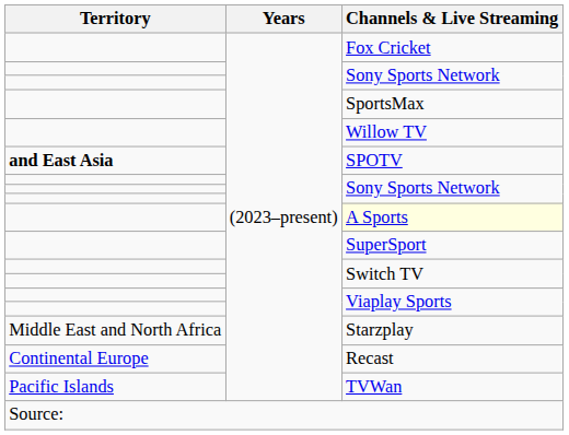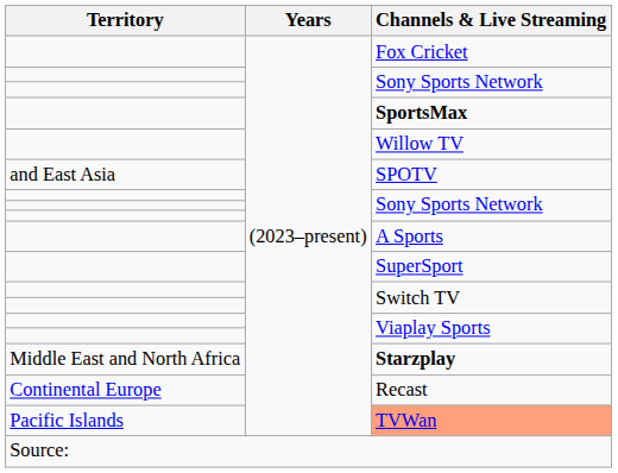 <table class="wikitable">
 <tr>
 <th scope="col">Territory</th>
 <th scope="col">Years</th>
 <th scope="col">Channels & Live Streaming</th>
 </tr>
 <tr>
 <td></td>
 <td rowspan="18">(2023–present)</td>
 <td><a href='#'>Fox Cricket</a></td>
 </tr>
 <tr>
 <td></td>
 <td rowspan="2"><a href='#'>Sony Sports Network</a></td>
 </tr>
 <tr>
 <td></td>
 </tr>
 <tr>
 <td></td>
-<td>SportsMax</td>
+<td><strong>SportsMax</strong></td>
 </tr>
 <tr>
 <td></td>
 <td><a href='#'>Willow TV</a></td>
 </tr>
 <tr>
-<td><strong> and East Asia</strong></td>
+<td> and East Asia</td>
 <td><a href='#'>SPOTV</a></td>
 </tr>
 <tr>
 <td></td>
 <td rowspan="3"><a href='#'>Sony Sports Network</a></td>
 </tr>
 <tr>
 <td></td>
 </tr>
 <tr>
 <td></td>
 </tr>
 <tr>
 <td></td>
-<td style="background: lightyellow;"><a href='#'>A Sports</a></td>
+<td><a href='#'>A Sports</a></td>
 </tr>
 <tr>
 <td></td>
 <td><a href='#'>SuperSport</a></td>
 </tr>
 <tr>
 <td></td>
 <td rowspan="2">Switch TV</td>
 </tr>
 <tr>
 <td></td>
 </tr>
 <tr>
 <td></td>
 <td rowspan="2"><a href='#'>Viaplay Sports</a></td>
 </tr>
 <tr>
 <td></td>
 </tr>
 <tr>
 <td>Middle East and North Africa</td>
-<td>Starzplay</td>
+<td><strong>Starzplay</strong></td>
 </tr>
 <tr>
 <td><a href='#'>Continental Europe</a></td>
 <td>Recast</td>
 </tr>
 <tr>
 <td><a href='#'>Pacific Islands</a></td>
-<td><a href='#'>TVWan</a></td>
+<td style="background: lightsalmon;"><a href='#'>TVWan</a></td>
 </tr>
 <tr>
 <td colspan="3">Source:</td>
 </tr>
 </table>
